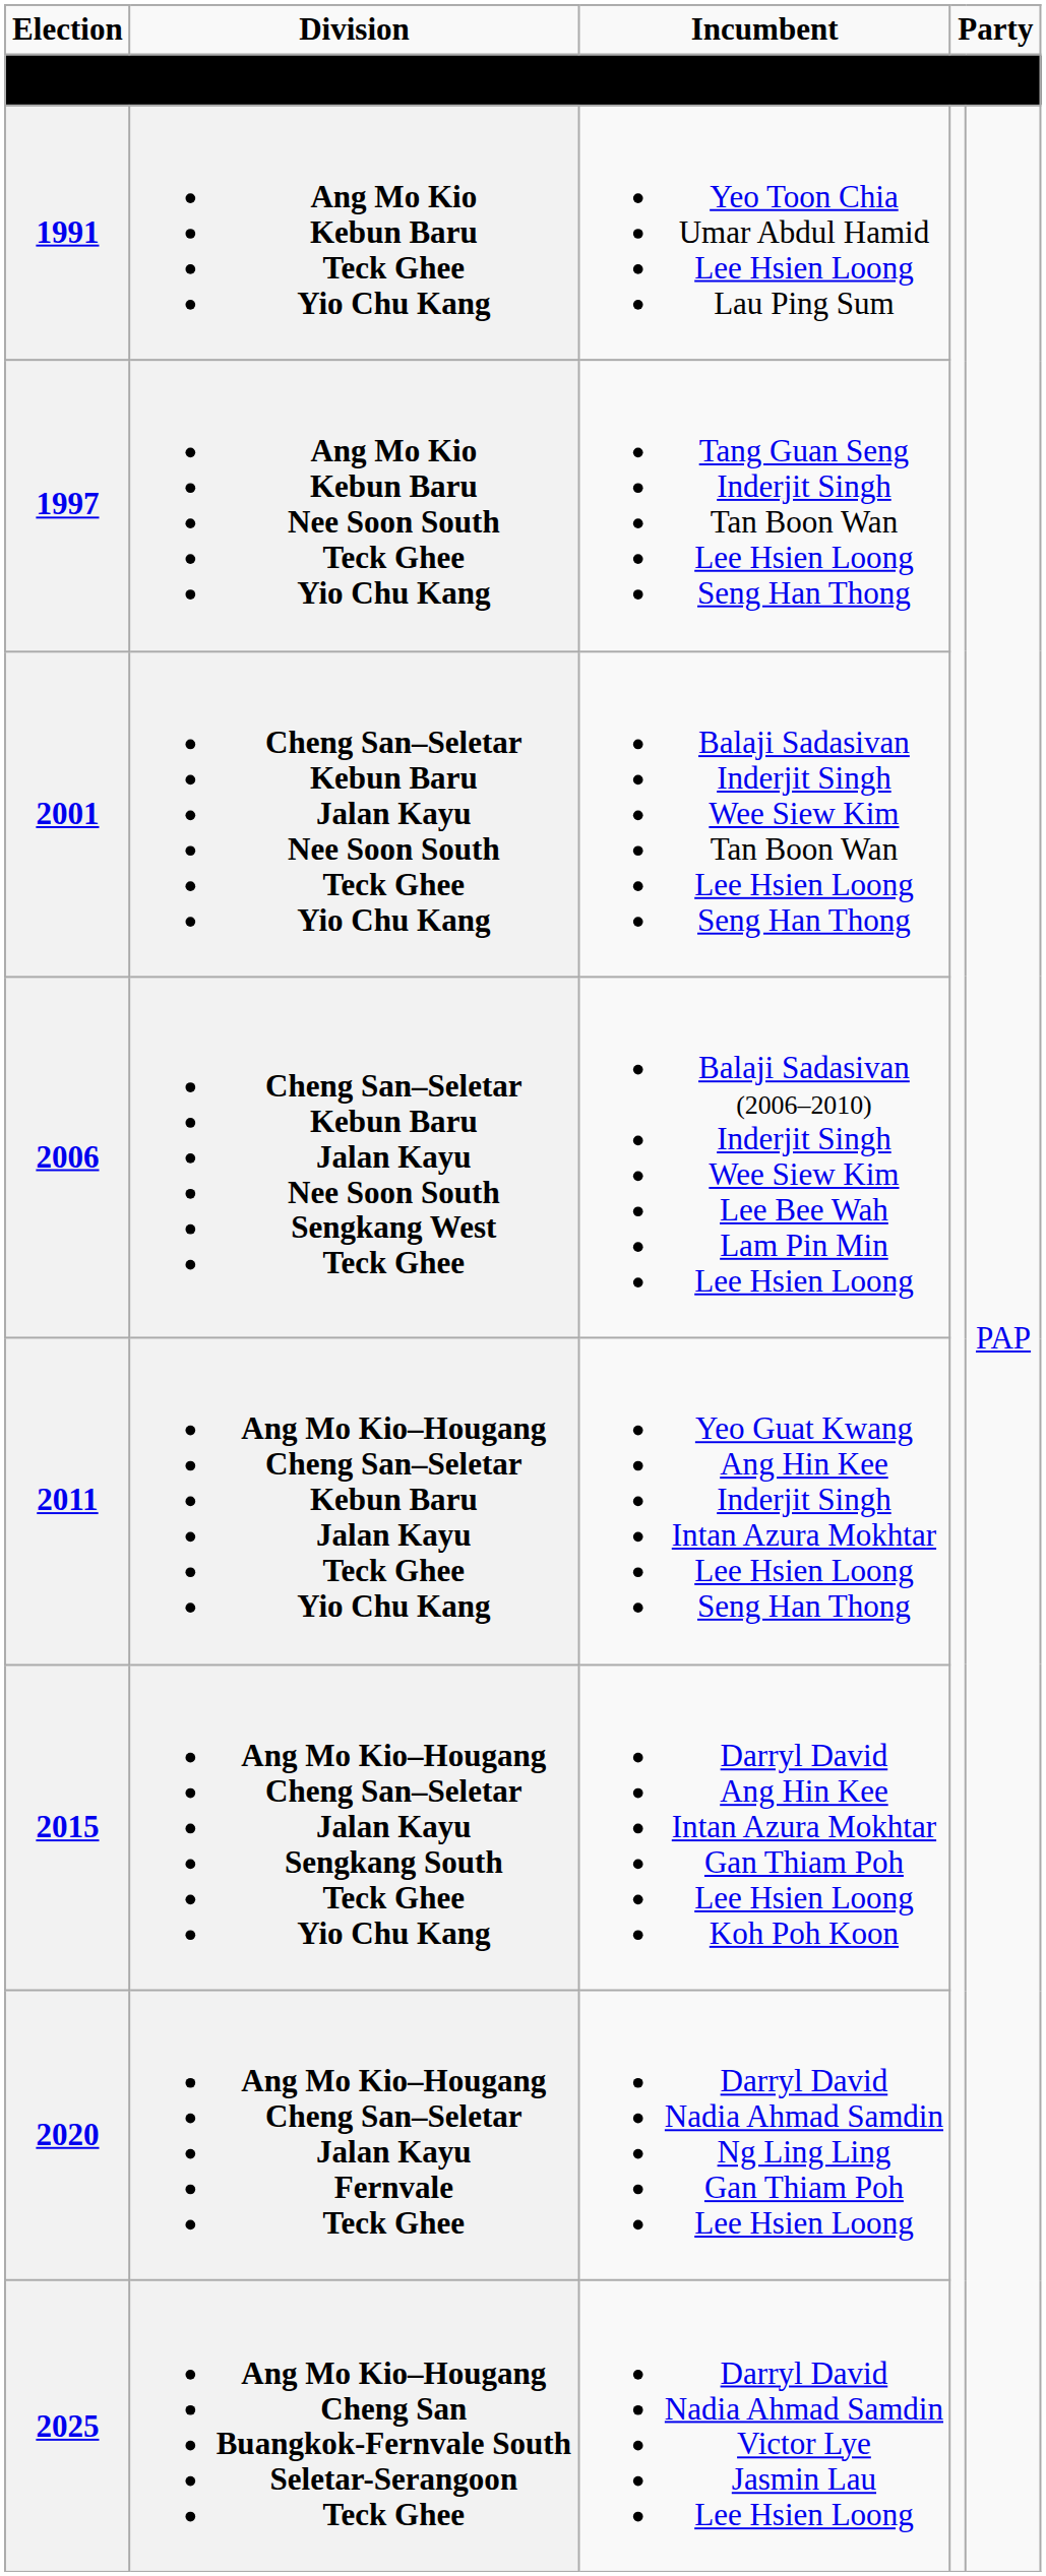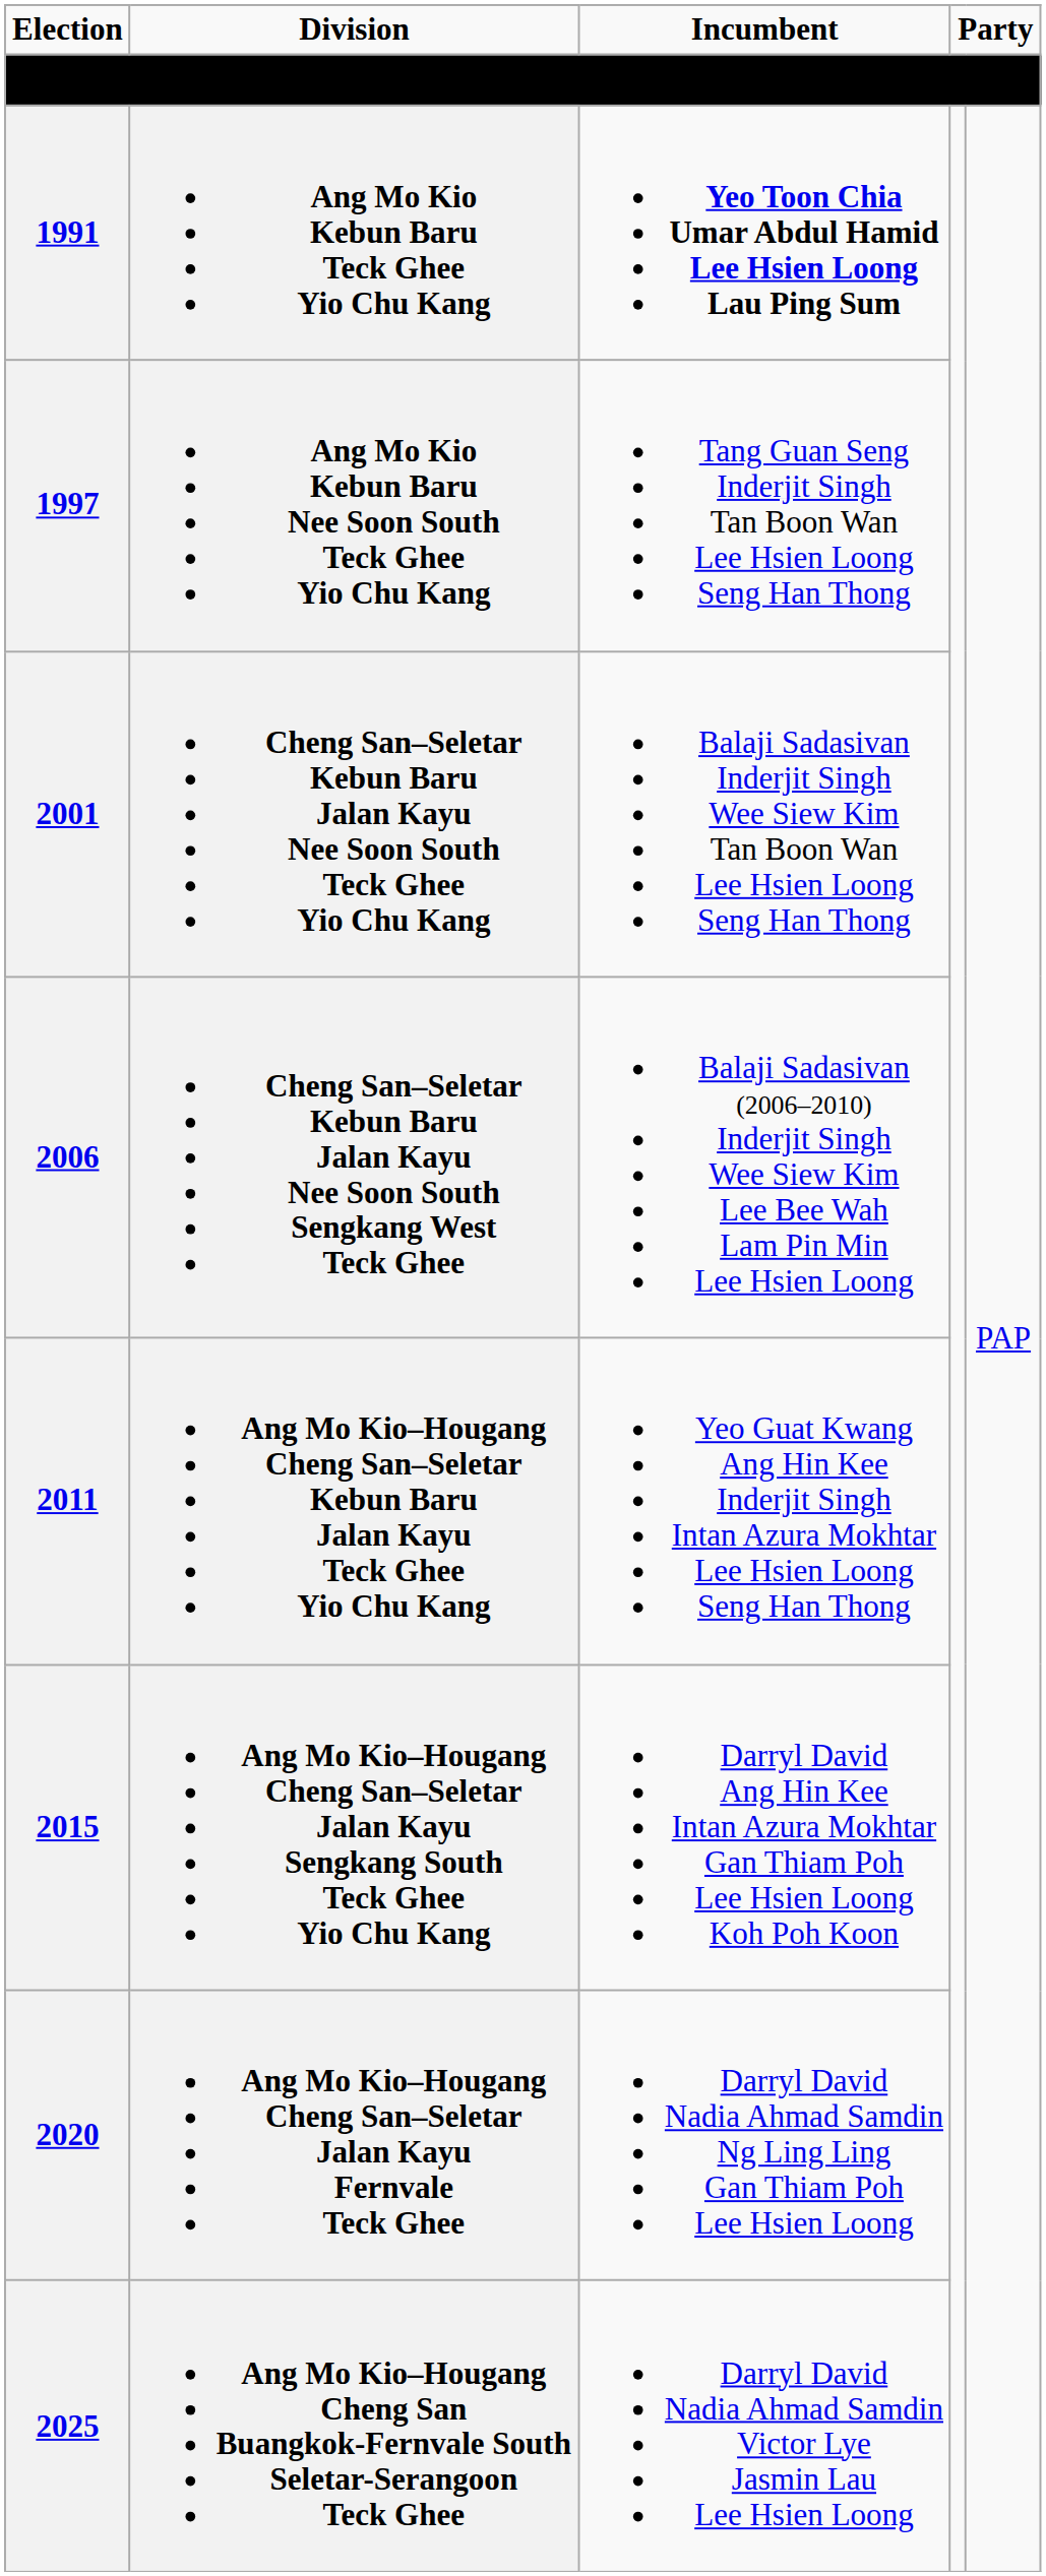 <table class="wikitable" align="center" style="text-align:center">
 <tr>
 <td><strong>Election </strong></td>
 <td><strong>Division </strong></td>
 <td><strong>Incumbent</strong></td>
 <td colspan="2"><strong>Party</strong></td>
 </tr>
 <tr>
 <td colspan=5 bgcolor=black><span><strong>Formation</strong></span></td>
 </tr>
 <tr>
 <th><a href='#'>1991</a></th>
 <th><br><ul><li>Ang Mo Kio</li><li>Kebun Baru</li><li>Teck Ghee</li><li>Yio Chu Kang</li></ul></th>
-<td><br><ul><li><a href='#'>Yeo Toon Chia</a></li><li>Umar Abdul Hamid</li><li><a href='#'>Lee Hsien Loong</a></li><li>Lau Ping Sum</li></ul></td>
+<td><strong><br><ul><li><a href='#'>Yeo Toon Chia</a></li><li>Umar Abdul Hamid</li><li><a href='#'>Lee Hsien Loong</a></li><li>Lau Ping Sum</li></ul></strong></td>
 <td rowspan="8"></td>
 <td rowspan="8"><a href='#'>PAP</a></td>
 </tr>
 <tr>
 <th><a href='#'>1997</a></th>
 <th><br><ul><li>Ang Mo Kio</li><li>Kebun Baru</li><li>Nee Soon South</li><li>Teck Ghee</li><li>Yio Chu Kang</li></ul></th>
 <td><br><ul><li><a href='#'>Tang Guan Seng</a></li><li><a href='#'>Inderjit Singh</a></li><li>Tan Boon Wan</li><li><a href='#'>Lee Hsien Loong</a></li><li><a href='#'>Seng Han Thong</a></li></ul></td>
 </tr>
 <tr>
 <th><a href='#'>2001</a></th>
 <th><br><ul><li>Cheng San–Seletar</li><li>Kebun Baru</li><li>Jalan Kayu</li><li>Nee Soon South</li><li>Teck Ghee</li><li>Yio Chu Kang</li></ul></th>
 <td><br><ul><li><a href='#'>Balaji Sadasivan</a></li><li><a href='#'>Inderjit Singh</a></li><li><a href='#'>Wee Siew Kim</a></li><li>Tan Boon Wan</li><li><a href='#'>Lee Hsien Loong</a></li><li><a href='#'>Seng Han Thong</a></li></ul></td>
 </tr>
 <tr>
 <th><a href='#'>2006</a></th>
 <th><br><ul><li>Cheng San–Seletar</li><li>Kebun Baru</li><li>Jalan Kayu</li><li>Nee Soon South</li><li>Sengkang West</li><li>Teck Ghee</li></ul></th>
 <td><br><ul><li><a href='#'>Balaji Sadasivan</a><br><small>(2006–2010)</small></li><li><a href='#'>Inderjit Singh</a></li><li><a href='#'>Wee Siew Kim</a></li><li><a href='#'>Lee Bee Wah</a></li><li><a href='#'>Lam Pin Min</a></li><li><a href='#'>Lee Hsien Loong</a></li></ul></td>
 </tr>
 <tr>
 <th><a href='#'>2011</a></th>
 <th><br><ul><li>Ang Mo Kio–Hougang</li><li>Cheng San–Seletar</li><li>Kebun Baru</li><li>Jalan Kayu</li><li>Teck Ghee</li><li>Yio Chu Kang</li></ul></th>
 <td><br><ul><li><a href='#'>Yeo Guat Kwang</a></li><li><a href='#'>Ang Hin Kee</a></li><li><a href='#'>Inderjit Singh</a></li><li><a href='#'>Intan Azura Mokhtar</a></li><li><a href='#'>Lee Hsien Loong</a></li><li><a href='#'>Seng Han Thong</a></li></ul></td>
 </tr>
 <tr>
 <th><a href='#'>2015</a></th>
 <th><br><ul><li>Ang Mo Kio–Hougang</li><li>Cheng San–Seletar</li><li>Jalan Kayu</li><li>Sengkang South</li><li>Teck Ghee</li><li>Yio Chu Kang</li></ul></th>
 <td><br><ul><li><a href='#'>Darryl David</a></li><li><a href='#'>Ang Hin Kee</a></li><li><a href='#'>Intan Azura Mokhtar</a></li><li><a href='#'>Gan Thiam Poh</a></li><li><a href='#'>Lee Hsien Loong</a></li><li><a href='#'>Koh Poh Koon</a></li></ul></td>
 </tr>
 <tr>
 <th><a href='#'>2020</a></th>
 <th><br><ul><li>Ang Mo Kio–Hougang</li><li>Cheng San–Seletar</li><li>Jalan Kayu</li><li>Fernvale</li><li>Teck Ghee</li></ul></th>
 <td><br><ul><li><a href='#'>Darryl David</a></li><li><a href='#'>Nadia Ahmad Samdin</a></li><li><a href='#'>Ng Ling Ling</a></li><li><a href='#'>Gan Thiam Poh</a></li><li><a href='#'>Lee Hsien Loong</a></li></ul></td>
 </tr>
 <tr>
 <th><a href='#'>2025</a></th>
 <th><br><ul><li>Ang Mo Kio–Hougang</li><li>Cheng San</li><li>Buangkok-Fernvale South</li><li>Seletar-Serangoon</li><li>Teck Ghee</li></ul></th>
 <td><br><ul><li><a href='#'>Darryl David</a></li><li><a href='#'>Nadia Ahmad Samdin</a></li><li><a href='#'>Victor Lye</a></li><li><a href='#'>Jasmin Lau</a></li><li><a href='#'>Lee Hsien Loong</a></li></ul></td>
 </tr>
 </table>
